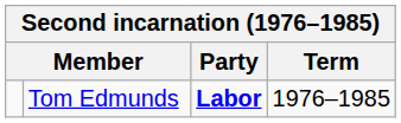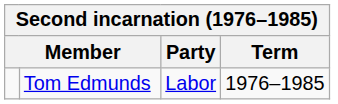 <table class="wikitable">
 <tr>
 <th colspan="4">Second incarnation (1976–1985)</th>
 </tr>
 <tr>
 <th colspan="2">Member</th>
 <th>Party</th>
 <th>Term</th>
 </tr>
 <tr>
 <td> </td>
 <td><a href='#'>Tom Edmunds</a> </td>
-<td><strong><a href='#'>Labor</a></strong></td>
+<td><a href='#'>Labor</a></td>
 <td>1976–1985</td>
 </tr>
 </table>
